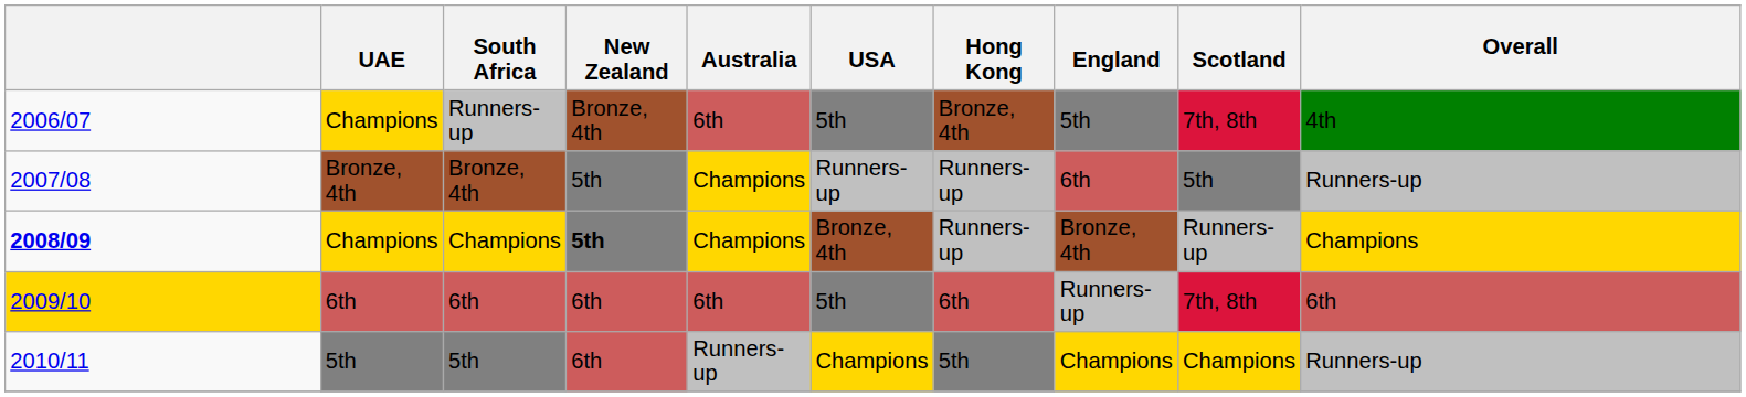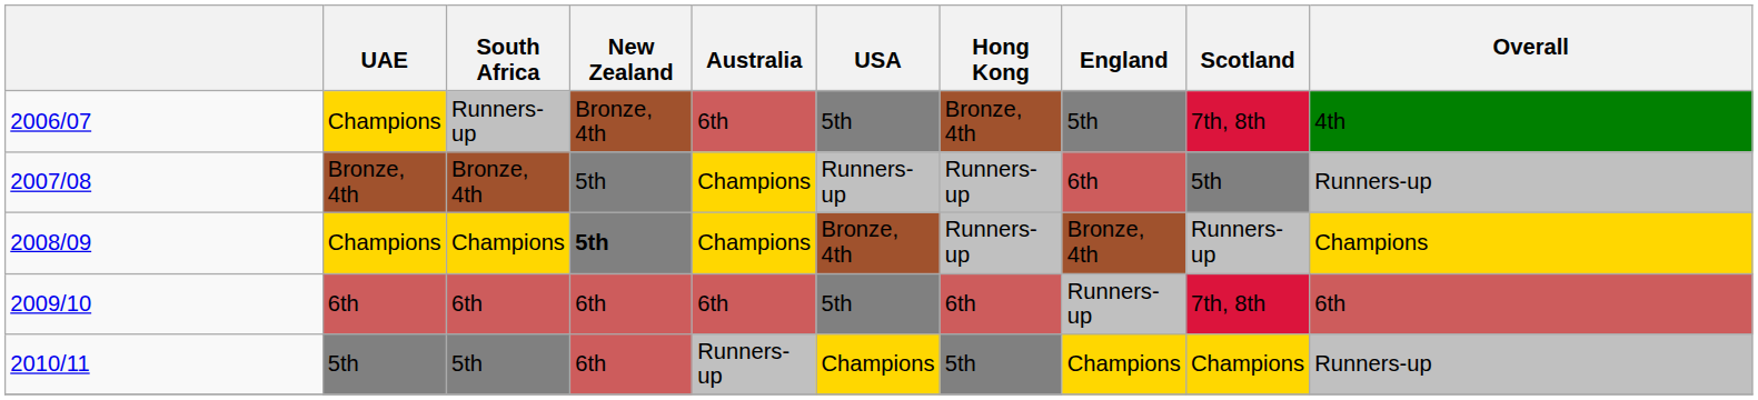 <table class="wikitable">
 <tr>
 <th></th>
 <th width=7%> <br> UAE</th>
 <th width=7%> <br> South Africa</th>
 <th width=7%> <br> New Zealand</th>
 <th width=7%> <br> Australia</th>
 <th width=7%> <br> USA</th>
 <th width=7%> <br> Hong Kong</th>
 <th width=7%> <br> England</th>
 <th width=7%> <br> Scotland</th>
 <th>Overall</th>
 </tr>
 <tr>
 <td><a href='#'>2006/07</a></td>
 <td style="background: gold;">Champions</td>
 <td style="background: silver;">Runners-up</td>
 <td style="background: Sienna;">Bronze, 4th</td>
 <td style="background: indianred;">6th</td>
 <td style="background: gray;">5th</td>
 <td style="background: Sienna;">Bronze, 4th</td>
 <td style="background: gray;">5th</td>
 <td style="background: Crimson;">7th, 8th</td>
 <td style="background: green;">4th</td>
 </tr>
 <tr>
 <td><a href='#'>2007/08</a></td>
 <td style="background: Sienna;">Bronze, 4th</td>
 <td style="background: Sienna;">Bronze, 4th</td>
 <td style="background: gray;">5th</td>
 <td style="background: gold;">Champions</td>
 <td style="background: silver;">Runners-up</td>
 <td style="background: silver;">Runners-up</td>
 <td style="background: indianred;">6th</td>
 <td style="background: gray;">5th</td>
 <td style="background: silver;">Runners-up</td>
 </tr>
 <tr>
-<td><strong><a href='#'>2008/09</a></strong></td>
+<td><a href='#'>2008/09</a></td>
 <td style="background: gold;">Champions</td>
 <td style="background: gold;">Champions</td>
 <td style="background: gray;"><strong>5th</strong></td>
 <td style="background: gold;">Champions</td>
 <td style="background: Sienna;">Bronze, 4th</td>
 <td style="background: silver;">Runners-up</td>
 <td style="background: Sienna;">Bronze, 4th</td>
 <td style="background: silver;">Runners-up</td>
 <td style="background: gold;">Champions</td>
 </tr>
 <tr>
-<td style="background: gold;"><a href='#'>2009/10</a></td>
+<td><a href='#'>2009/10</a></td>
 <td style="background: indianred;">6th</td>
 <td style="background: indianred;">6th</td>
 <td style="background: indianred;">6th</td>
 <td style="background: indianred;">6th</td>
 <td style="background: gray;">5th</td>
 <td style="background: indianred;">6th</td>
 <td style="background: silver;">Runners-up</td>
 <td style="background: Crimson;">7th, 8th</td>
 <td style="background: indianred;">6th</td>
 </tr>
 <tr>
 <td><a href='#'>2010/11</a></td>
 <td style="background: gray;">5th</td>
 <td style="background: gray;">5th</td>
 <td style="background: indianred;">6th</td>
 <td style="background: silver;">Runners-up</td>
 <td style="background: gold;">Champions</td>
 <td style="background: gray;">5th</td>
 <td style="background: gold;">Champions</td>
 <td style="background: gold;">Champions</td>
 <td style="background: silver;">Runners-up</td>
 </tr>
 <tr>
 </tr>
 </table>
